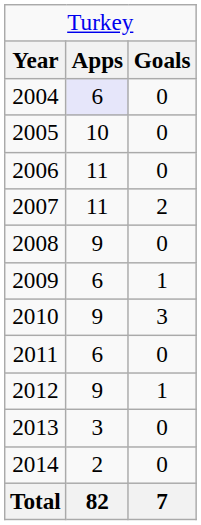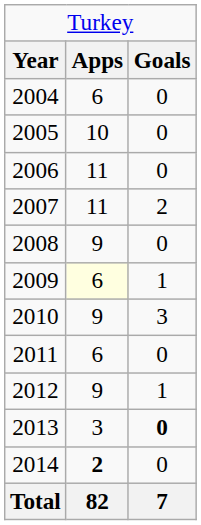 <table class="wikitable" style="text-align:center">
 <tr>
 <td colspan=3><a href='#'>Turkey</a></td>
 </tr>
 <tr>
 <th>Year</th>
 <th>Apps</th>
 <th>Goals</th>
 </tr>
 <tr>
 <td>2004</td>
-<td style="background: lavender;">6</td>
+<td>6</td>
 <td>0</td>
 </tr>
 <tr>
 <td>2005</td>
 <td>10</td>
 <td>0</td>
 </tr>
 <tr>
 <td>2006</td>
 <td>11</td>
 <td>0</td>
 </tr>
 <tr>
 <td>2007</td>
 <td>11</td>
 <td>2</td>
 </tr>
 <tr>
 <td>2008</td>
 <td>9</td>
 <td>0</td>
 </tr>
 <tr>
 <td>2009</td>
-<td>6</td>
+<td style="background: lightyellow;">6</td>
 <td>1</td>
 </tr>
 <tr>
 <td>2010</td>
 <td>9</td>
 <td>3</td>
 </tr>
 <tr>
 <td>2011</td>
 <td>6</td>
 <td>0</td>
 </tr>
 <tr>
 <td>2012</td>
 <td>9</td>
 <td>1</td>
 </tr>
 <tr>
 <td>2013</td>
 <td>3</td>
-<td>0</td>
+<td><strong>0</strong></td>
 </tr>
 <tr>
 <td>2014</td>
-<td>2</td>
+<td><strong>2</strong></td>
 <td>0</td>
 </tr>
 <tr>
 <th>Total</th>
 <th>82</th>
 <th>7</th>
 </tr>
 </table>
